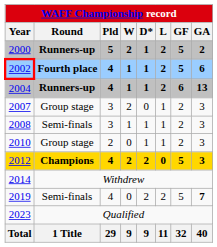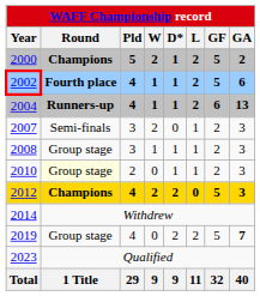 <table class="wikitable" style="text-align: center;font-size:90%;">
 <tr>
 <th colspan=9 style="background: #db000d; color: #FFFFFF;"><a href='#'>WAFF Championship</a> record</th>
 </tr>
 <tr>
 <th>Year</th>
 <th>Round</th>
 <th>Pld</th>
 <th>W</th>
 <th>D*</th>
 <th>L</th>
 <th>GF</th>
 <th>GA</th>
 </tr>
 <tr bgcolor=silver>
 <td> <a href='#'>2000</a></td>
-<td><strong>Runners-up</strong></td>
+<td><strong>Champions</strong></td>
 <td><strong>5</strong></td>
 <td><strong>2</strong></td>
 <td><strong>1</strong></td>
 <td><strong>2</strong></td>
 <td><strong>5</strong></td>
 <td><strong>2</strong></td>
 </tr>
 <tr style="background:#9acdff;">
 <td style="border: 3px solid red"> <a href='#'>2002</a></td>
 <td><strong>Fourth place</strong></td>
 <td><strong>4</strong></td>
 <td><strong>1</strong></td>
 <td><strong>1</strong></td>
 <td><strong>2</strong></td>
 <td><strong>5</strong></td>
 <td><strong>6</strong></td>
 </tr>
 <tr bgcolor=silver>
 <td> <a href='#'>2004</a></td>
 <td><strong>Runners-up</strong></td>
 <td><strong>4</strong></td>
 <td><strong>1</strong></td>
 <td><strong>1</strong></td>
 <td><strong>2</strong></td>
 <td><strong>6</strong></td>
 <td><strong>13</strong></td>
 </tr>
 <tr>
 <td> <a href='#'>2007</a></td>
-<td>Group stage</td>
+<td>Semi-finals</td>
 <td>3</td>
 <td>2</td>
 <td>0</td>
 <td>1</td>
 <td>2</td>
 <td>3</td>
 </tr>
 <tr>
 <td> <a href='#'>2008</a></td>
-<td>Semi-finals</td>
+<td>Group stage</td>
 <td>3</td>
 <td>1</td>
 <td>1</td>
 <td>1</td>
 <td>2</td>
 <td>3</td>
 </tr>
 <tr>
 <td> <a href='#'>2010</a></td>
-<td>Group stage</td>
+<td style="background: lightyellow;">Group stage</td>
 <td>2</td>
 <td>0</td>
 <td>1</td>
 <td>1</td>
 <td>2</td>
 <td>3</td>
 </tr>
 <tr bgcolor=gold>
 <td> <a href='#'>2012</a></td>
 <td><strong>Champions</strong></td>
 <td><strong>4</strong></td>
 <td><strong>2</strong></td>
 <td><strong>2</strong></td>
 <td><strong>0</strong></td>
 <td><strong>5</strong></td>
 <td><strong>3</strong></td>
 </tr>
 <tr>
 <td> <a href='#'>2014</a></td>
 <td colspan=7><em>Withdrew</em></td>
 </tr>
 <tr>
 <td> <a href='#'>2019</a></td>
-<td>Semi-finals</td>
+<td>Group stage</td>
 <td>4</td>
 <td>0</td>
 <td>2</td>
 <td>2</td>
 <td>5</td>
 <td><strong>7</strong></td>
 </tr>
 <tr>
 <td> <a href='#'>2023</a></td>
 <td colspan=7><em>Qualified</em></td>
 </tr>
 <tr>
 <th><strong>Total</strong></th>
 <th><strong>1 Title</strong></th>
 <th><strong>29</strong></th>
 <th><strong>9</strong></th>
 <th><strong>9</strong></th>
 <th><strong>11</strong></th>
 <th><strong>32</strong></th>
 <th><strong>40</strong></th>
 </tr>
 </table>
